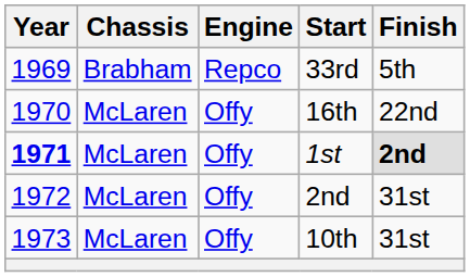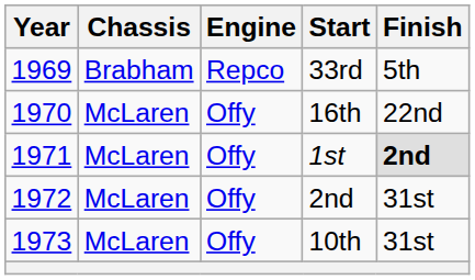 <table class="wikitable" style="font-size: 95%;">
 <tr>
 <th>Year</th>
 <th>Chassis</th>
 <th>Engine</th>
 <th>Start</th>
 <th>Finish</th>
 </tr>
 <tr>
 <td><a href='#'>1969</a></td>
 <td><a href='#'>Brabham</a></td>
 <td><a href='#'>Repco</a></td>
 <td>33rd</td>
 <td>5th</td>
 </tr>
 <tr>
 <td><a href='#'>1970</a></td>
 <td><a href='#'>McLaren</a></td>
 <td><a href='#'>Offy</a></td>
 <td>16th</td>
 <td>22nd</td>
 </tr>
 <tr>
-<td><strong><a href='#'>1971</a></strong></td>
+<td><a href='#'>1971</a></td>
 <td><a href='#'>McLaren</a></td>
 <td><a href='#'>Offy</a></td>
 <td><em>1st</em></td>
 <td style="background:#dfdfdf;"><strong>2nd</strong></td>
 </tr>
 <tr>
 <td><a href='#'>1972</a></td>
 <td><a href='#'>McLaren</a></td>
 <td><a href='#'>Offy</a></td>
 <td>2nd</td>
 <td>31st</td>
 </tr>
 <tr>
 <td><a href='#'>1973</a></td>
 <td><a href='#'>McLaren</a></td>
 <td><a href='#'>Offy</a></td>
 <td>10th</td>
 <td>31st</td>
 </tr>
 <tr>
 <th colspan="5"></th>
 </tr>
 </table>
